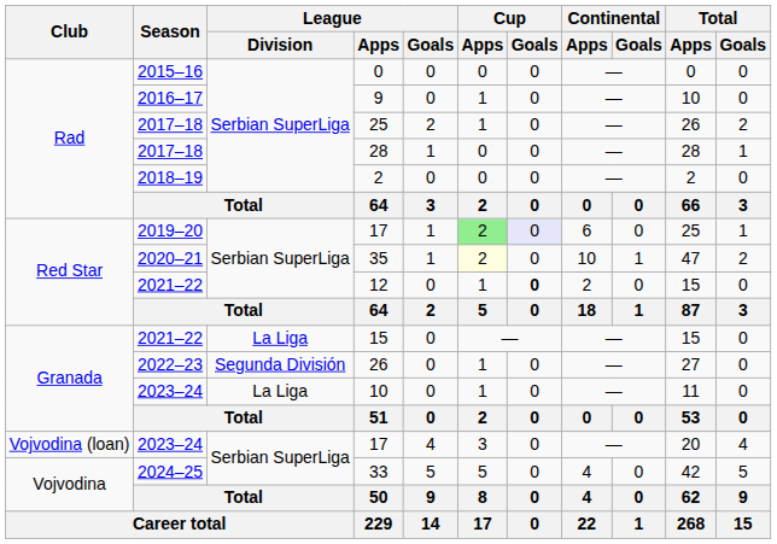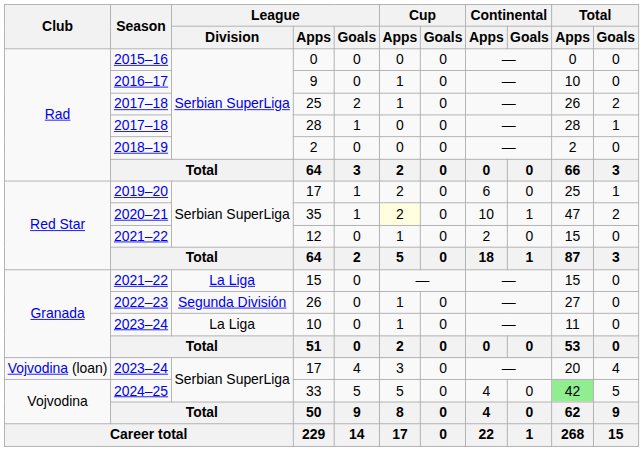 <table class="wikitable" style="text-align:center">
 <tr>
 <th rowspan="2">Club</th>
 <th rowspan="2">Season</th>
 <th colspan="3">League</th>
 <th colspan="2">Cup</th>
 <th colspan="2">Continental</th>
 <th colspan="2">Total</th>
 </tr>
 <tr>
 <th>Division</th>
 <th>Apps</th>
 <th>Goals</th>
 <th>Apps</th>
 <th>Goals</th>
 <th>Apps</th>
 <th>Goals</th>
 <th>Apps</th>
 <th>Goals</th>
 </tr>
 <tr>
 <td rowspan="6"><a href='#'>Rad</a></td>
 <td><a href='#'>2015–16</a></td>
 <td rowspan=5><a href='#'>Serbian SuperLiga</a></td>
 <td>0</td>
 <td>0</td>
 <td>0</td>
 <td>0</td>
 <td colspan="2">—</td>
 <td>0</td>
 <td>0</td>
 </tr>
 <tr>
 <td><a href='#'>2016–17</a></td>
 <td>9</td>
 <td>0</td>
 <td>1</td>
 <td>0</td>
 <td colspan="2">—</td>
 <td>10</td>
 <td>0</td>
 </tr>
 <tr>
 <td><a href='#'>2017–18</a></td>
 <td>25</td>
 <td>2</td>
 <td>1</td>
 <td>0</td>
 <td colspan="2">—</td>
 <td>26</td>
 <td>2</td>
 </tr>
 <tr>
 <td><a href='#'>2017–18</a></td>
 <td>28</td>
 <td>1</td>
 <td>0</td>
 <td>0</td>
 <td colspan="2">—</td>
 <td>28</td>
 <td>1</td>
 </tr>
 <tr>
 <td><a href='#'>2018–19</a></td>
 <td>2</td>
 <td>0</td>
 <td>0</td>
 <td>0</td>
 <td colspan="2">—</td>
 <td>2</td>
 <td>0</td>
 </tr>
 <tr>
 <th colspan="2">Total</th>
 <th>64</th>
 <th>3</th>
 <th>2</th>
 <th>0</th>
 <th>0</th>
 <th>0</th>
 <th>66</th>
 <th>3</th>
 </tr>
 <tr>
 <td rowspan="4"><a href='#'>Red Star</a></td>
 <td><a href='#'>2019–20</a></td>
 <td rowspan="3">Serbian SuperLiga</td>
 <td>17</td>
 <td>1</td>
-<td style="background: lightgreen;">2</td>
-<td style="background: lavender;">0</td>
+<td>2</td>
+<td>0</td>
 <td>6</td>
 <td>0</td>
 <td>25</td>
 <td>1</td>
 </tr>
 <tr>
 <td><a href='#'>2020–21</a></td>
 <td>35</td>
 <td>1</td>
 <td style="background: lightyellow;">2</td>
 <td>0</td>
 <td>10</td>
 <td>1</td>
 <td>47</td>
 <td>2</td>
 </tr>
 <tr>
 <td><a href='#'>2021–22</a></td>
 <td>12</td>
 <td>0</td>
 <td>1</td>
-<td><strong>0</strong></td>
+<td>0</td>
 <td>2</td>
 <td>0</td>
 <td>15</td>
 <td>0</td>
 </tr>
 <tr>
 <th colspan="2">Total</th>
 <th>64</th>
 <th>2</th>
 <th>5</th>
 <th>0</th>
 <th>18</th>
 <th>1</th>
 <th>87</th>
 <th>3</th>
 </tr>
 <tr>
 <td rowspan="4"><a href='#'>Granada</a></td>
 <td><a href='#'>2021–22</a></td>
 <td><a href='#'>La Liga</a></td>
 <td>15</td>
 <td>0</td>
 <td colspan="2">—</td>
 <td colspan="2">—</td>
 <td>15</td>
 <td>0</td>
 </tr>
 <tr>
 <td><a href='#'>2022–23</a></td>
 <td><a href='#'>Segunda División</a></td>
 <td>26</td>
 <td>0</td>
 <td>1</td>
 <td>0</td>
 <td colspan="2">—</td>
 <td>27</td>
 <td>0</td>
 </tr>
 <tr>
 <td><a href='#'>2023–24</a></td>
 <td>La Liga</td>
 <td>10</td>
 <td>0</td>
 <td>1</td>
 <td>0</td>
 <td colspan="2">—</td>
 <td>11</td>
 <td>0</td>
 </tr>
 <tr>
 <th colspan="2">Total</th>
 <th>51</th>
 <th>0</th>
 <th>2</th>
 <th>0</th>
 <th>0</th>
 <th>0</th>
 <th>53</th>
 <th>0</th>
 </tr>
 <tr>
 <td><a href='#'>Vojvodina</a> (loan)</td>
 <td><a href='#'>2023–24</a></td>
 <td rowspan="2">Serbian SuperLiga</td>
 <td>17</td>
 <td>4</td>
 <td>3</td>
 <td>0</td>
 <td colspan="2">—</td>
 <td>20</td>
 <td>4</td>
 </tr>
 <tr>
 <td rowspan="2">Vojvodina</td>
 <td><a href='#'>2024–25</a></td>
 <td>33</td>
 <td>5</td>
 <td>5</td>
 <td>0</td>
 <td>4</td>
 <td>0</td>
-<td>42</td>
+<td style="background: lightgreen;">42</td>
 <td>5</td>
 </tr>
 <tr>
 <th colspan="2">Total</th>
 <th>50</th>
 <th>9</th>
 <th>8</th>
 <th>0</th>
 <th>4</th>
 <th>0</th>
 <th>62</th>
 <th>9</th>
 </tr>
 <tr>
 <th colspan="3">Career total</th>
 <th>229</th>
 <th>14</th>
 <th>17</th>
 <th>0</th>
 <th>22</th>
 <th>1</th>
 <th>268</th>
 <th>15</th>
 </tr>
 </table>
